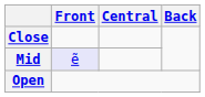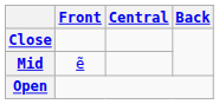 <table class="wikitable" style="text-align: center;">
 <tr>
 <th></th>
 <th><a href='#'>Front</a></th>
 <th><a href='#'>Central</a></th>
 <th><a href='#'>Back</a></th>
 </tr>
 <tr>
 <th><a href='#'>Close</a></th>
 <td></td>
 <td></td>
 <td rowspan="2"></td>
 </tr>
 <tr>
 <th><a href='#'>Mid</a></th>
-<td style="background: lavender;"><a href='#'>ẽ</a></td>
+<td><a href='#'>ẽ</a></td>
 </tr>
 <tr>
 <th><a href='#'>Open</a></th>
 <td colspan="3"></td>
 </tr>
 </table>
